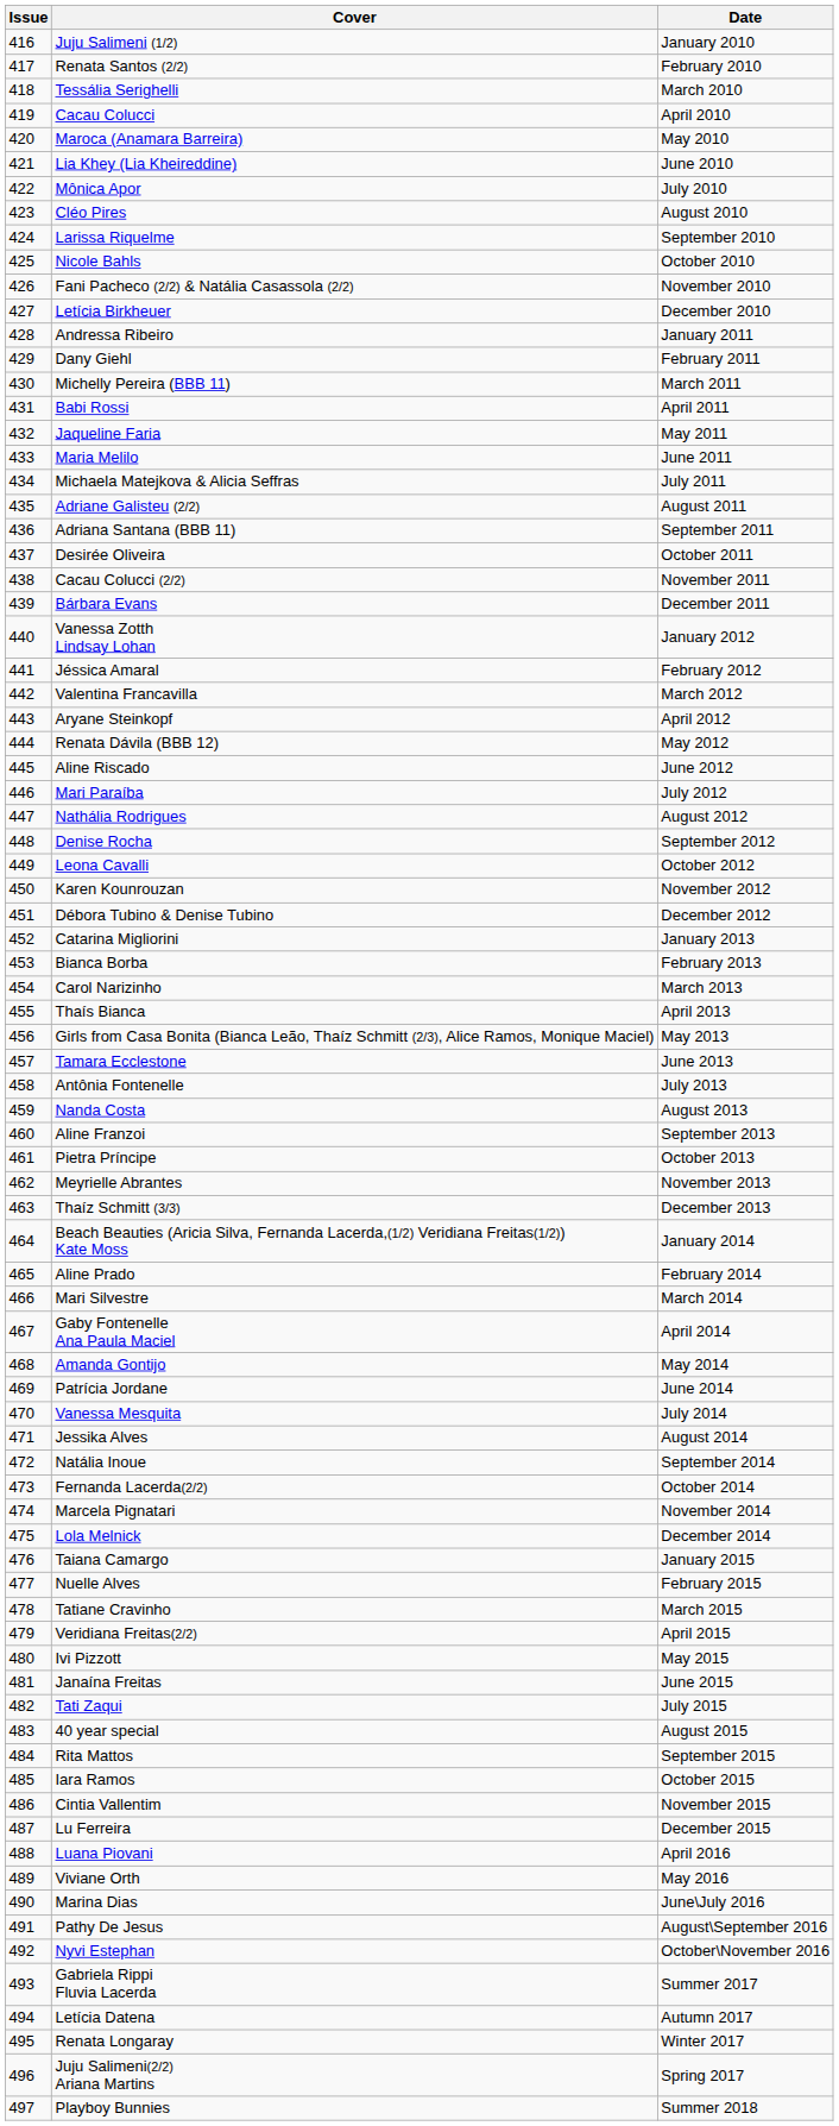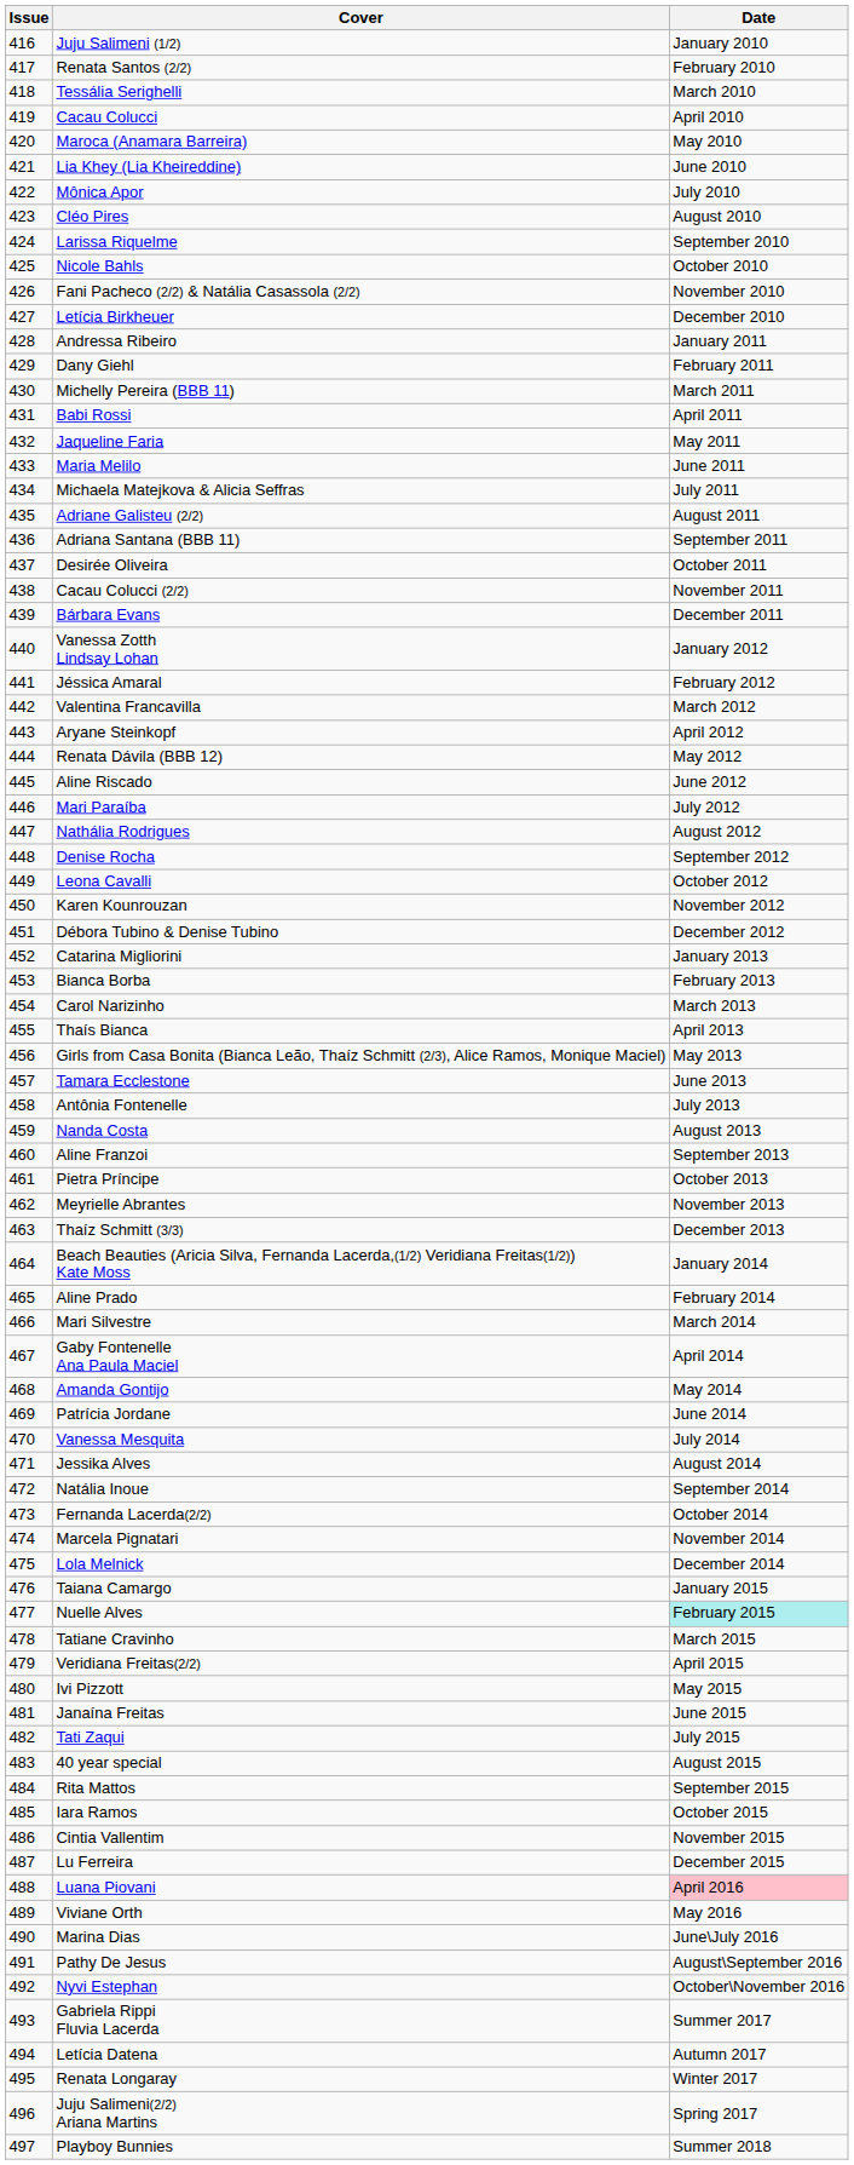 <table class="wikitable">
 <tr>
 <th>Issue</th>
 <th>Cover</th>
 <th>Date</th>
 </tr>
 <tr>
 <td>416</td>
 <td><a href='#'>Juju Salimeni</a> <small>(1/2)</small></td>
 <td>January 2010</td>
 </tr>
 <tr>
 <td>417</td>
 <td>Renata Santos <small>(2/2)</small></td>
 <td>February 2010</td>
 </tr>
 <tr>
 <td>418</td>
 <td><a href='#'>Tessália Serighelli</a></td>
 <td>March 2010</td>
 </tr>
 <tr>
 <td>419</td>
 <td><a href='#'>Cacau Colucci</a></td>
 <td>April 2010</td>
 </tr>
 <tr>
 <td>420</td>
 <td><a href='#'>Maroca (Anamara Barreira)</a></td>
 <td>May 2010</td>
 </tr>
 <tr>
 <td>421</td>
 <td><a href='#'>Lia Khey (Lia Kheireddine)</a></td>
 <td>June 2010</td>
 </tr>
 <tr>
 <td>422</td>
 <td><a href='#'>Mônica Apor</a></td>
 <td>July 2010</td>
 </tr>
 <tr>
 <td>423</td>
 <td><a href='#'>Cléo Pires</a></td>
 <td>August 2010</td>
 </tr>
 <tr>
 <td>424</td>
 <td><a href='#'>Larissa Riquelme</a></td>
 <td>September 2010</td>
 </tr>
 <tr>
 <td>425</td>
 <td><a href='#'>Nicole Bahls</a></td>
 <td>October 2010</td>
 </tr>
 <tr>
 <td>426</td>
 <td>Fani Pacheco <small>(2/2)</small> & Natália Casassola <small>(2/2)</small></td>
 <td>November 2010</td>
 </tr>
 <tr>
 <td>427</td>
 <td><a href='#'>Letícia Birkheuer</a></td>
 <td>December 2010</td>
 </tr>
 <tr>
 <td>428</td>
 <td>Andressa Ribeiro</td>
 <td>January 2011</td>
 </tr>
 <tr>
 <td>429</td>
 <td>Dany Giehl</td>
 <td>February 2011</td>
 </tr>
 <tr>
 <td>430</td>
 <td>Michelly Pereira (<a href='#'>BBB 11</a>)</td>
 <td>March 2011</td>
 </tr>
 <tr>
 <td>431</td>
 <td><a href='#'>Babi Rossi</a></td>
 <td>April 2011</td>
 </tr>
 <tr>
 <td>432</td>
 <td><a href='#'>Jaqueline Faria</a></td>
 <td>May 2011</td>
 </tr>
 <tr>
 <td>433</td>
 <td><a href='#'>Maria Melilo</a></td>
 <td>June 2011</td>
 </tr>
 <tr>
 <td>434</td>
 <td>Michaela Matejkova & Alicia Seffras</td>
 <td>July 2011</td>
 </tr>
 <tr>
 <td>435</td>
 <td><a href='#'>Adriane Galisteu</a> <small>(2/2)</small></td>
 <td>August 2011</td>
 </tr>
 <tr>
 <td>436</td>
 <td>Adriana Santana (BBB 11)</td>
 <td>September 2011</td>
 </tr>
 <tr>
 <td>437</td>
 <td>Desirée Oliveira</td>
 <td>October 2011</td>
 </tr>
 <tr>
 <td>438</td>
 <td>Cacau Colucci <small>(2/2)</small></td>
 <td>November 2011</td>
 </tr>
 <tr>
 <td>439</td>
 <td><a href='#'>Bárbara Evans</a></td>
 <td>December 2011</td>
 </tr>
 <tr>
 <td>440</td>
 <td>Vanessa Zotth<br><a href='#'>Lindsay Lohan</a></td>
 <td>January 2012</td>
 </tr>
 <tr>
 <td>441</td>
 <td>Jéssica Amaral</td>
 <td>February 2012</td>
 </tr>
 <tr>
 <td>442</td>
 <td>Valentina Francavilla</td>
 <td>March 2012</td>
 </tr>
 <tr>
 <td>443</td>
 <td>Aryane Steinkopf</td>
 <td>April 2012</td>
 </tr>
 <tr>
 <td>444</td>
 <td>Renata Dávila (BBB 12)</td>
 <td>May 2012</td>
 </tr>
 <tr>
 <td>445</td>
 <td>Aline Riscado</td>
 <td>June 2012</td>
 </tr>
 <tr>
 <td>446</td>
 <td><a href='#'>Mari Paraíba</a></td>
 <td>July 2012</td>
 </tr>
 <tr>
 <td>447</td>
 <td><a href='#'>Nathália Rodrigues</a></td>
 <td>August 2012</td>
 </tr>
 <tr>
 <td>448</td>
 <td><a href='#'>Denise Rocha</a></td>
 <td>September 2012</td>
 </tr>
 <tr>
 <td>449</td>
 <td><a href='#'>Leona Cavalli</a></td>
 <td>October 2012</td>
 </tr>
 <tr>
 <td>450</td>
 <td>Karen Kounrouzan</td>
 <td>November 2012</td>
 </tr>
 <tr>
 <td>451</td>
 <td>Débora Tubino & Denise Tubino</td>
 <td>December 2012</td>
 </tr>
 <tr>
 <td>452</td>
 <td>Catarina Migliorini</td>
 <td>January 2013</td>
 </tr>
 <tr>
 <td>453</td>
 <td>Bianca Borba</td>
 <td>February 2013</td>
 </tr>
 <tr>
 <td>454</td>
 <td>Carol Narizinho</td>
 <td>March 2013</td>
 </tr>
 <tr>
 <td>455</td>
 <td>Thaís Bianca</td>
 <td>April 2013</td>
 </tr>
 <tr>
 <td>456</td>
 <td>Girls from Casa Bonita (Bianca Leão, Thaíz Schmitt <small>(2/3)</small>, Alice Ramos, Monique Maciel)</td>
 <td>May 2013</td>
 </tr>
 <tr>
 <td>457</td>
 <td><a href='#'>Tamara Ecclestone</a></td>
 <td>June 2013</td>
 </tr>
 <tr>
 <td>458</td>
 <td>Antônia Fontenelle</td>
 <td>July 2013</td>
 </tr>
 <tr>
 <td>459</td>
 <td><a href='#'>Nanda Costa</a></td>
 <td>August 2013</td>
 </tr>
 <tr>
 <td>460</td>
 <td>Aline Franzoi</td>
 <td>September 2013</td>
 </tr>
 <tr>
 <td>461</td>
 <td>Pietra Príncipe</td>
 <td>October 2013</td>
 </tr>
 <tr>
 <td>462</td>
 <td>Meyrielle Abrantes</td>
 <td>November 2013</td>
 </tr>
 <tr>
 <td>463</td>
 <td>Thaíz Schmitt <small>(3/3)</small></td>
 <td>December 2013</td>
 </tr>
 <tr>
 <td>464</td>
 <td>Beach Beauties (Aricia Silva, Fernanda Lacerda,<small>(1/2)</small> Veridiana Freitas<small>(1/2)</small>)<br><a href='#'>Kate Moss</a></td>
 <td>January 2014</td>
 </tr>
 <tr>
 <td>465</td>
 <td>Aline Prado</td>
 <td>February 2014</td>
 </tr>
 <tr>
 <td>466</td>
 <td>Mari Silvestre</td>
 <td>March 2014</td>
 </tr>
 <tr>
 <td>467</td>
 <td>Gaby Fontenelle<br><a href='#'>Ana Paula Maciel</a></td>
 <td>April 2014</td>
 </tr>
 <tr>
 <td>468</td>
 <td><a href='#'>Amanda Gontijo</a></td>
 <td>May 2014</td>
 </tr>
 <tr>
 <td>469</td>
 <td>Patrícia Jordane</td>
 <td>June 2014</td>
 </tr>
 <tr>
 <td>470</td>
 <td><a href='#'>Vanessa Mesquita</a></td>
 <td>July 2014</td>
 </tr>
 <tr>
 <td>471</td>
 <td>Jessika Alves</td>
 <td>August 2014</td>
 </tr>
 <tr>
 <td>472</td>
 <td>Natália Inoue</td>
 <td>September 2014</td>
 </tr>
 <tr>
 <td>473</td>
 <td>Fernanda Lacerda<small>(2/2)</small></td>
 <td>October 2014</td>
 </tr>
 <tr>
 <td>474</td>
 <td>Marcela Pignatari</td>
 <td>November 2014</td>
 </tr>
 <tr>
 <td>475</td>
 <td><a href='#'>Lola Melnick</a></td>
 <td>December 2014</td>
 </tr>
 <tr>
 <td>476</td>
 <td>Taiana Camargo</td>
 <td>January 2015</td>
 </tr>
 <tr>
 <td>477</td>
 <td>Nuelle Alves</td>
-<td>February 2015</td>
+<td style="background: paleturquoise;">February 2015</td>
 </tr>
 <tr>
 <td>478</td>
 <td>Tatiane Cravinho</td>
 <td>March 2015</td>
 </tr>
 <tr>
 <td>479</td>
 <td>Veridiana Freitas<small>(2/2)</small></td>
 <td>April 2015</td>
 </tr>
 <tr>
 <td>480</td>
 <td>Ivi Pizzott</td>
 <td>May 2015</td>
 </tr>
 <tr>
 <td>481</td>
 <td>Janaína Freitas</td>
 <td>June 2015</td>
 </tr>
 <tr>
 <td>482</td>
 <td><a href='#'>Tati Zaqui</a></td>
 <td>July 2015</td>
 </tr>
 <tr>
 <td>483</td>
 <td>40 year special</td>
 <td>August 2015</td>
 </tr>
 <tr>
 <td>484</td>
 <td>Rita Mattos</td>
 <td>September 2015</td>
 </tr>
 <tr>
 <td>485</td>
 <td>Iara Ramos</td>
 <td>October 2015</td>
 </tr>
 <tr>
 <td>486</td>
 <td>Cintia Vallentim</td>
 <td>November 2015</td>
 </tr>
 <tr>
 <td>487</td>
 <td>Lu Ferreira</td>
 <td>December 2015</td>
 </tr>
 <tr>
 <td>488</td>
 <td><a href='#'>Luana Piovani</a></td>
-<td>April 2016</td>
+<td style="background: pink;">April 2016</td>
 </tr>
 <tr>
 <td>489</td>
 <td>Viviane Orth</td>
 <td>May 2016</td>
 </tr>
 <tr>
 <td>490</td>
 <td>Marina Dias</td>
 <td>June\July 2016</td>
 </tr>
 <tr>
 <td>491</td>
 <td>Pathy De Jesus</td>
 <td>August\September 2016</td>
 </tr>
 <tr>
 <td>492</td>
 <td><a href='#'>Nyvi Estephan</a></td>
 <td>October\November 2016</td>
 </tr>
 <tr>
 <td>493</td>
 <td>Gabriela Rippi<br>Fluvia Lacerda</td>
 <td>Summer 2017</td>
 </tr>
 <tr>
 <td>494</td>
 <td>Letícia Datena</td>
 <td>Autumn 2017</td>
 </tr>
 <tr>
 <td>495</td>
 <td>Renata Longaray</td>
 <td>Winter 2017</td>
 </tr>
 <tr>
 <td>496</td>
 <td>Juju Salimeni<small>(2/2)</small><br>Ariana Martins</td>
 <td>Spring 2017</td>
 </tr>
 <tr>
 <td>497</td>
 <td>Playboy Bunnies</td>
 <td>Summer 2018</td>
 </tr>
 </table>
